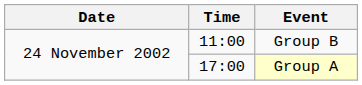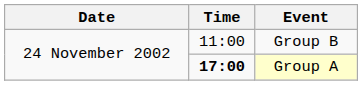 <table class = "wikitable" style="text-align:center;">
 <tr>
 <th width=150>Date</th>
 <th width=50>Time</th>
 <th width=80>Event</th>
 </tr>
 <tr>
 <td rowspan=2>24 November 2002</td>
 <td>11:00</td>
 <td>Group B</td>
 </tr>
 <tr>
-<td>17:00</td>
+<td><strong>17:00</strong></td>
 <td bgcolor=ffffcc>Group A</td>
 </tr>
 </table>
